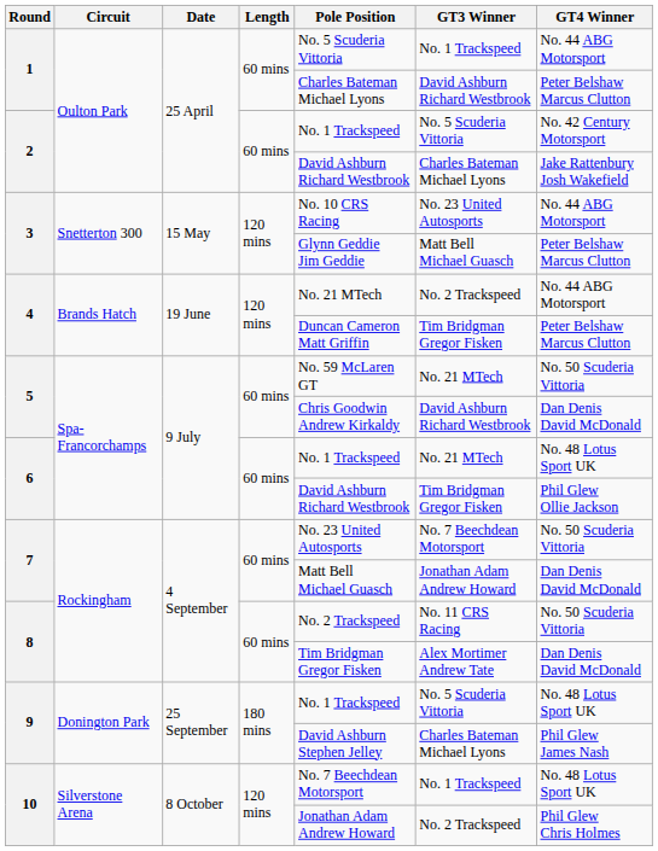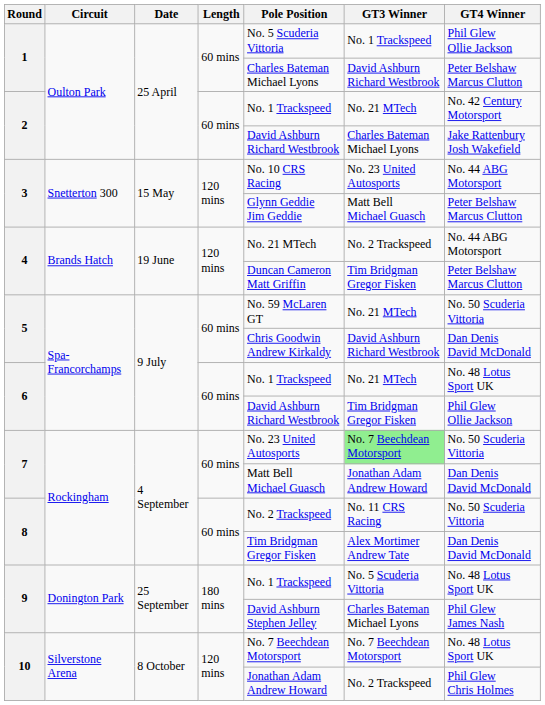 <table class="wikitable" style="font-size: 85%;">
 <tr>
 <th>Round</th>
 <th>Circuit</th>
 <th>Date</th>
 <th>Length</th>
 <th>Pole Position</th>
 <th>GT3 Winner</th>
 <th>GT4 Winner</th>
 </tr>
 <tr>
 <th rowspan=2>1</th>
 <td rowspan=4><a href='#'>Oulton Park</a></td>
 <td rowspan=4>25 April</td>
 <td rowspan=2>60 mins</td>
 <td>No. 5 <a href='#'>Scuderia Vittoria</a></td>
 <td>No. 1 <a href='#'>Trackspeed</a></td>
-<td>No. 44 <a href='#'>ABG Motorsport</a></td>
+<td> <a href='#'>Phil Glew</a><br> <a href='#'>Ollie Jackson</a></td>
 </tr>
 <tr>
 <td> <a href='#'>Charles Bateman</a><br> Michael Lyons</td>
 <td> <a href='#'>David Ashburn</a><br> <a href='#'>Richard Westbrook</a></td>
 <td> <a href='#'>Peter Belshaw</a><br> <a href='#'>Marcus Clutton</a></td>
 </tr>
 <tr>
 <th rowspan=2>2</th>
 <td rowspan=2>60 mins</td>
 <td>No. 1 <a href='#'>Trackspeed</a></td>
-<td>No. 5 <a href='#'>Scuderia Vittoria</a></td>
+<td>No. 21 <a href='#'>MTech</a></td>
 <td>No. 42 <a href='#'>Century Motorsport</a></td>
 </tr>
 <tr>
 <td> <a href='#'>David Ashburn</a><br> <a href='#'>Richard Westbrook</a></td>
 <td> <a href='#'>Charles Bateman</a><br> Michael Lyons</td>
 <td> <a href='#'>Jake Rattenbury</a><br> <a href='#'>Josh Wakefield</a></td>
 </tr>
 <tr>
 <th rowspan=2>3</th>
 <td rowspan=2><a href='#'>Snetterton</a> 300</td>
 <td rowspan=2>15 May</td>
 <td rowspan=2>120 mins</td>
 <td>No. 10 <a href='#'>CRS Racing</a></td>
 <td>No. 23 <a href='#'>United Autosports</a></td>
 <td>No. 44 <a href='#'>ABG Motorsport</a></td>
 </tr>
 <tr>
 <td> <a href='#'>Glynn Geddie</a><br> <a href='#'>Jim Geddie</a></td>
 <td> Matt Bell<br> <a href='#'>Michael Guasch</a></td>
 <td> <a href='#'>Peter Belshaw</a><br> <a href='#'>Marcus Clutton</a></td>
 </tr>
 <tr>
 <th rowspan=2>4</th>
 <td rowspan=2><a href='#'>Brands Hatch</a></td>
 <td rowspan=2>19 June</td>
 <td rowspan=2>120 mins</td>
 <td>No. 21 MTech</td>
 <td>No. 2 Trackspeed</td>
 <td>No. 44 ABG Motorsport</td>
 </tr>
 <tr>
 <td> <a href='#'>Duncan Cameron</a><br> <a href='#'>Matt Griffin</a></td>
 <td> <a href='#'>Tim Bridgman</a><br> <a href='#'>Gregor Fisken</a></td>
 <td> <a href='#'>Peter Belshaw</a><br> <a href='#'>Marcus Clutton</a></td>
 </tr>
 <tr>
 <th rowspan=2>5</th>
 <td rowspan=4><a href='#'>Spa-Francorchamps</a></td>
 <td rowspan=4>9 July</td>
 <td rowspan=2>60 mins</td>
 <td>No. 59 <a href='#'>McLaren</a> GT</td>
 <td>No. 21 <a href='#'>MTech</a></td>
 <td>No. 50 <a href='#'>Scuderia Vittoria</a></td>
 </tr>
 <tr>
 <td> <a href='#'>Chris Goodwin</a><br> <a href='#'>Andrew Kirkaldy</a></td>
 <td> <a href='#'>David Ashburn</a><br> <a href='#'>Richard Westbrook</a></td>
 <td> <a href='#'>Dan Denis</a><br> <a href='#'>David McDonald</a></td>
 </tr>
 <tr>
 <th rowspan=2>6</th>
 <td rowspan=2>60 mins</td>
 <td>No. 1 <a href='#'>Trackspeed</a></td>
 <td>No. 21 <a href='#'>MTech</a></td>
 <td>No. 48 <a href='#'>Lotus Sport</a> UK</td>
 </tr>
 <tr>
 <td> <a href='#'>David Ashburn</a><br> <a href='#'>Richard Westbrook</a></td>
 <td> <a href='#'>Tim Bridgman</a><br> <a href='#'>Gregor Fisken</a></td>
 <td> <a href='#'>Phil Glew</a><br> <a href='#'>Ollie Jackson</a></td>
 </tr>
 <tr>
 <th rowspan=2>7</th>
 <td rowspan=4><a href='#'>Rockingham</a></td>
 <td rowspan=4>4 September</td>
 <td rowspan=2>60 mins</td>
 <td>No. 23 <a href='#'>United Autosports</a></td>
-<td>No. 7 <a href='#'>Beechdean Motorsport</a></td>
+<td style="background: lightgreen;">No. 7 <a href='#'>Beechdean Motorsport</a></td>
 <td>No. 50 <a href='#'>Scuderia Vittoria</a></td>
 </tr>
 <tr>
 <td> Matt Bell<br> <a href='#'>Michael Guasch</a></td>
 <td> <a href='#'>Jonathan Adam</a><br> <a href='#'>Andrew Howard</a></td>
 <td> <a href='#'>Dan Denis</a><br> <a href='#'>David McDonald</a></td>
 </tr>
 <tr>
 <th rowspan=2>8</th>
 <td rowspan=2>60 mins</td>
 <td>No. 2 <a href='#'>Trackspeed</a></td>
 <td>No. 11 <a href='#'>CRS Racing</a></td>
 <td>No. 50 <a href='#'>Scuderia Vittoria</a></td>
 </tr>
 <tr>
 <td> <a href='#'>Tim Bridgman</a><br> <a href='#'>Gregor Fisken</a></td>
 <td> <a href='#'>Alex Mortimer</a><br> <a href='#'>Andrew Tate</a></td>
 <td> <a href='#'>Dan Denis</a><br> <a href='#'>David McDonald</a></td>
 </tr>
 <tr>
 <th rowspan=2>9</th>
 <td rowspan=2><a href='#'>Donington Park</a></td>
 <td rowspan=2>25 September</td>
 <td rowspan=2>180 mins</td>
 <td>No. 1 <a href='#'>Trackspeed</a></td>
 <td>No. 5 <a href='#'>Scuderia Vittoria</a></td>
 <td>No. 48 <a href='#'>Lotus Sport</a> UK</td>
 </tr>
 <tr>
 <td> <a href='#'>David Ashburn</a><br> <a href='#'>Stephen Jelley</a></td>
 <td> <a href='#'>Charles Bateman</a><br> Michael Lyons</td>
 <td> <a href='#'>Phil Glew</a><br> <a href='#'>James Nash</a></td>
 </tr>
 <tr>
 <th rowspan=2>10</th>
 <td rowspan=2><a href='#'>Silverstone Arena</a></td>
 <td rowspan=2>8 October</td>
 <td rowspan=2>120 mins</td>
 <td>No. 7 <a href='#'>Beechdean Motorsport</a></td>
-<td>No. 1 <a href='#'>Trackspeed</a></td>
+<td>No. 7 <a href='#'>Beechdean Motorsport</a></td>
 <td>No. 48 <a href='#'>Lotus Sport</a> UK</td>
 </tr>
 <tr>
 <td> <a href='#'>Jonathan Adam</a><br> <a href='#'>Andrew Howard</a></td>
 <td>No. 2 Trackspeed</td>
 <td> <a href='#'>Phil Glew</a><br> <a href='#'>Chris Holmes</a></td>
 </tr>
 </table>
